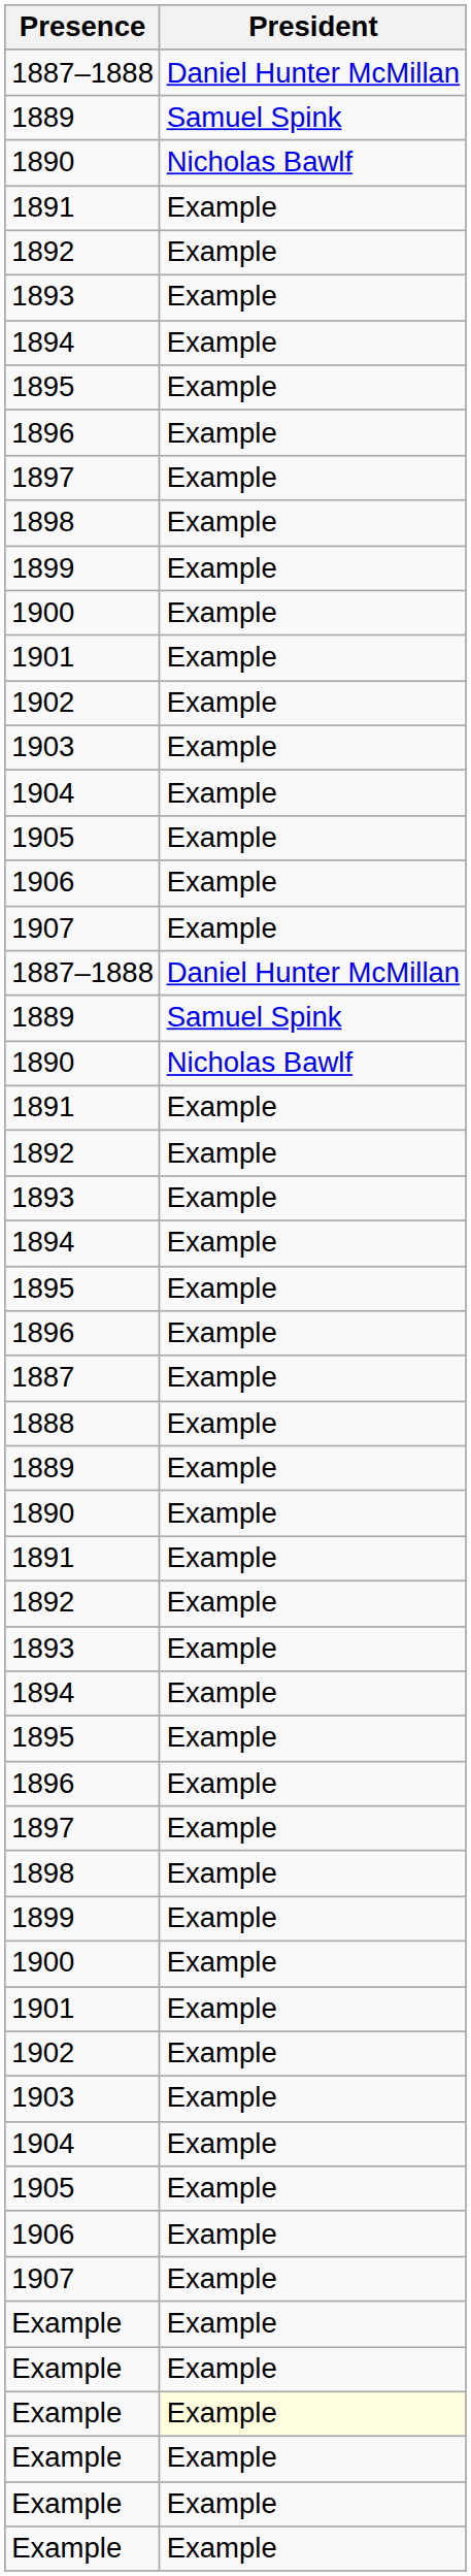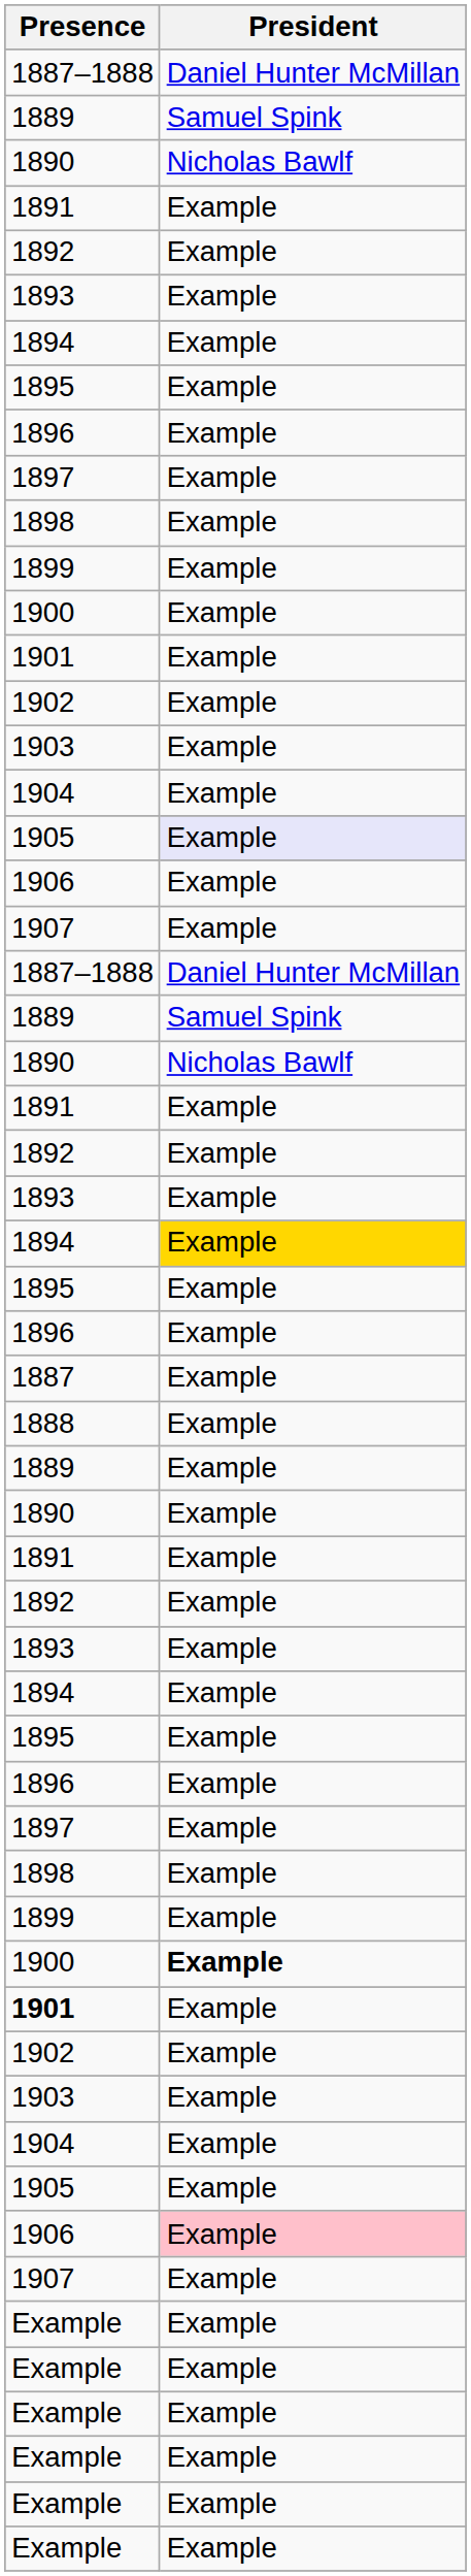 <table class="wikitable">
 <tr>
 <th>Presence</th>
 <th>President</th>
 </tr>
 <tr>
 <td>1887–1888</td>
 <td><a href='#'>Daniel Hunter McMillan</a></td>
 </tr>
 <tr>
 <td>1889</td>
 <td><a href='#'>Samuel Spink</a></td>
 </tr>
 <tr>
 <td>1890</td>
 <td><a href='#'>Nicholas Bawlf</a></td>
 </tr>
 <tr>
 <td>1891</td>
 <td>Example</td>
 </tr>
 <tr>
 <td>1892</td>
 <td>Example</td>
 </tr>
 <tr>
 <td>1893</td>
 <td>Example</td>
 </tr>
 <tr>
 <td>1894</td>
 <td>Example</td>
 </tr>
 <tr>
 <td>1895</td>
 <td>Example</td>
 </tr>
 <tr>
 <td>1896</td>
 <td>Example</td>
 </tr>
 <tr>
 <td>1897</td>
 <td>Example</td>
 </tr>
 <tr>
 <td>1898</td>
 <td>Example</td>
 </tr>
 <tr>
 <td>1899</td>
 <td>Example</td>
 </tr>
 <tr>
 <td>1900</td>
 <td>Example</td>
 </tr>
 <tr>
 <td>1901</td>
 <td>Example</td>
 </tr>
 <tr>
 <td>1902</td>
 <td>Example</td>
 </tr>
 <tr>
 <td>1903</td>
 <td>Example</td>
 </tr>
 <tr>
 <td>1904</td>
 <td>Example</td>
 </tr>
 <tr>
 <td>1905</td>
-<td>Example</td>
+<td style="background: lavender;">Example</td>
 </tr>
 <tr>
 <td>1906</td>
 <td>Example</td>
 </tr>
 <tr>
 <td>1907</td>
 <td>Example</td>
 </tr>
 <tr>
 <td>1887–1888</td>
 <td><a href='#'>Daniel Hunter McMillan</a></td>
 </tr>
 <tr>
 <td>1889</td>
 <td><a href='#'>Samuel Spink</a></td>
 </tr>
 <tr>
 <td>1890</td>
 <td><a href='#'>Nicholas Bawlf</a></td>
 </tr>
 <tr>
 <td>1891</td>
 <td>Example</td>
 </tr>
 <tr>
 <td>1892</td>
 <td>Example</td>
 </tr>
 <tr>
 <td>1893</td>
 <td>Example</td>
 </tr>
 <tr>
 <td>1894</td>
-<td>Example</td>
+<td style="background: gold;">Example</td>
 </tr>
 <tr>
 <td>1895</td>
 <td>Example</td>
 </tr>
 <tr>
 <td>1896</td>
 <td>Example</td>
 </tr>
 <tr>
 <td>1887</td>
 <td>Example</td>
 </tr>
 <tr>
 <td>1888</td>
 <td>Example</td>
 </tr>
 <tr>
 <td>1889</td>
 <td>Example</td>
 </tr>
 <tr>
 <td>1890</td>
 <td>Example</td>
 </tr>
 <tr>
 <td>1891</td>
 <td>Example</td>
 </tr>
 <tr>
 <td>1892</td>
 <td>Example</td>
 </tr>
 <tr>
 <td>1893</td>
 <td>Example</td>
 </tr>
 <tr>
 <td>1894</td>
 <td>Example</td>
 </tr>
 <tr>
 <td>1895</td>
 <td>Example</td>
 </tr>
 <tr>
 <td>1896</td>
 <td>Example</td>
 </tr>
 <tr>
 <td>1897</td>
 <td>Example</td>
 </tr>
 <tr>
 <td>1898</td>
 <td>Example</td>
 </tr>
 <tr>
 <td>1899</td>
 <td>Example</td>
 </tr>
 <tr>
 <td>1900</td>
-<td>Example</td>
+<td><strong>Example</strong></td>
 </tr>
 <tr>
-<td>1901</td>
+<td><strong>1901</strong></td>
 <td>Example</td>
 </tr>
 <tr>
 <td>1902</td>
 <td>Example</td>
 </tr>
 <tr>
 <td>1903</td>
 <td>Example</td>
 </tr>
 <tr>
 <td>1904</td>
 <td>Example</td>
 </tr>
 <tr>
 <td>1905</td>
 <td>Example</td>
 </tr>
 <tr>
 <td>1906</td>
-<td>Example</td>
+<td style="background: pink;">Example</td>
 </tr>
 <tr>
 <td>1907</td>
 <td>Example</td>
 </tr>
 <tr>
 <td>Example</td>
 <td>Example</td>
 </tr>
 <tr>
 <td>Example</td>
 <td>Example</td>
 </tr>
 <tr>
 <td>Example</td>
-<td style="background: lightyellow;">Example</td>
+<td>Example</td>
 </tr>
 <tr>
 <td>Example</td>
 <td>Example</td>
 </tr>
 <tr>
 <td>Example</td>
 <td>Example</td>
 </tr>
 <tr>
 <td>Example</td>
 <td>Example</td>
 </tr>
 </table>
